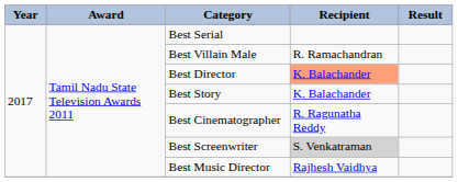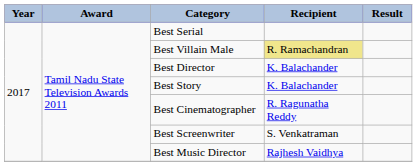 <table class="wikitable" width="65%">
 <tr bgcolor="blue">
 <th style="width:20pt; background:LightSteelBlue;">Year</th>
 <th style="width:80pt; background:LightSteelBlue;">Award</th>
 <th style="width:50pt; background:LightSteelBlue;">Category</th>
 <th style="width:50pt; background:LightSteelBlue;">Recipient</th>
 <th style="width:20pt; background:LightSteelBlue;">Result</th>
 </tr>
 <tr>
 <td rowspan="7">2017</td>
 <td rowspan="7"><a href='#'>Tamil Nadu State Television Awards 2011</a></td>
 <td>Best Serial</td>
 <td></td>
 <td></td>
 </tr>
 <tr>
 <td>Best Villain Male</td>
-<td>R. Ramachandran</td>
+<td style="background: khaki;">R. Ramachandran</td>
 <td></td>
 </tr>
 <tr>
 <td>Best Director</td>
-<td style="background: lightsalmon;"><a href='#'>K. Balachander</a></td>
+<td><a href='#'>K. Balachander</a></td>
 <td></td>
 </tr>
 <tr>
 <td>Best Story</td>
 <td><a href='#'>K. Balachander</a></td>
 <td></td>
 </tr>
 <tr>
 <td>Best Cinematographer</td>
 <td><a href='#'>R. Ragunatha Reddy</a></td>
 <td></td>
 </tr>
 <tr>
 <td>Best Screenwriter</td>
-<td style="background: lightgrey;">S. Venkatraman</td>
+<td>S. Venkatraman</td>
 <td></td>
 </tr>
 <tr>
 <td>Best Music Director</td>
 <td><a href='#'>Rajhesh Vaidhya</a></td>
 <td></td>
 </tr>
 <tr>
 </tr>
 </table>
